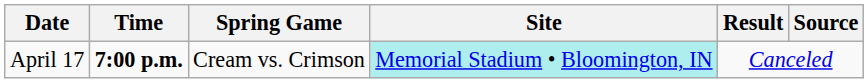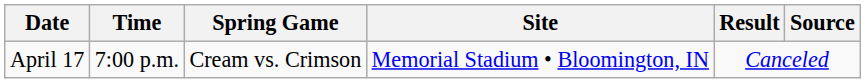 <table class="wikitable" style="font-size:95%;">
 <tr>
 <th>Date</th>
 <th>Time</th>
 <th>Spring Game</th>
 <th>Site</th>
 <th>Result</th>
 <th>Source</th>
 </tr>
 <tr>
 <td>April 17</td>
-<td><strong>7:00 p.m.</strong></td>
+<td>7:00 p.m.</td>
 <td>Cream vs. Crimson</td>
-<td style="background: paleturquoise;"><a href='#'>Memorial Stadium</a> • <a href='#'>Bloomington, IN</a></td>
+<td><a href='#'>Memorial Stadium</a> • <a href='#'>Bloomington, IN</a></td>
 <td colspan="2" align="center"><em><a href='#'>Canceled</a></em></td>
 </tr>
 </table>
